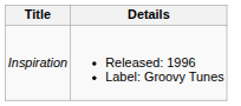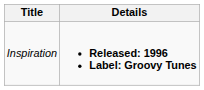 <table class="wikitable">
 <tr>
 <th>Title</th>
 <th>Details</th>
 </tr>
 <tr>
 <td><em>Inspiration</em></td>
-<td><br><ul><li>Released: 1996</li><li>Label: Groovy Tunes</li></ul></td>
+<td><strong><br><ul><li>Released: 1996</li><li>Label: Groovy Tunes</li></ul></strong></td>
 </tr>
 </table>
